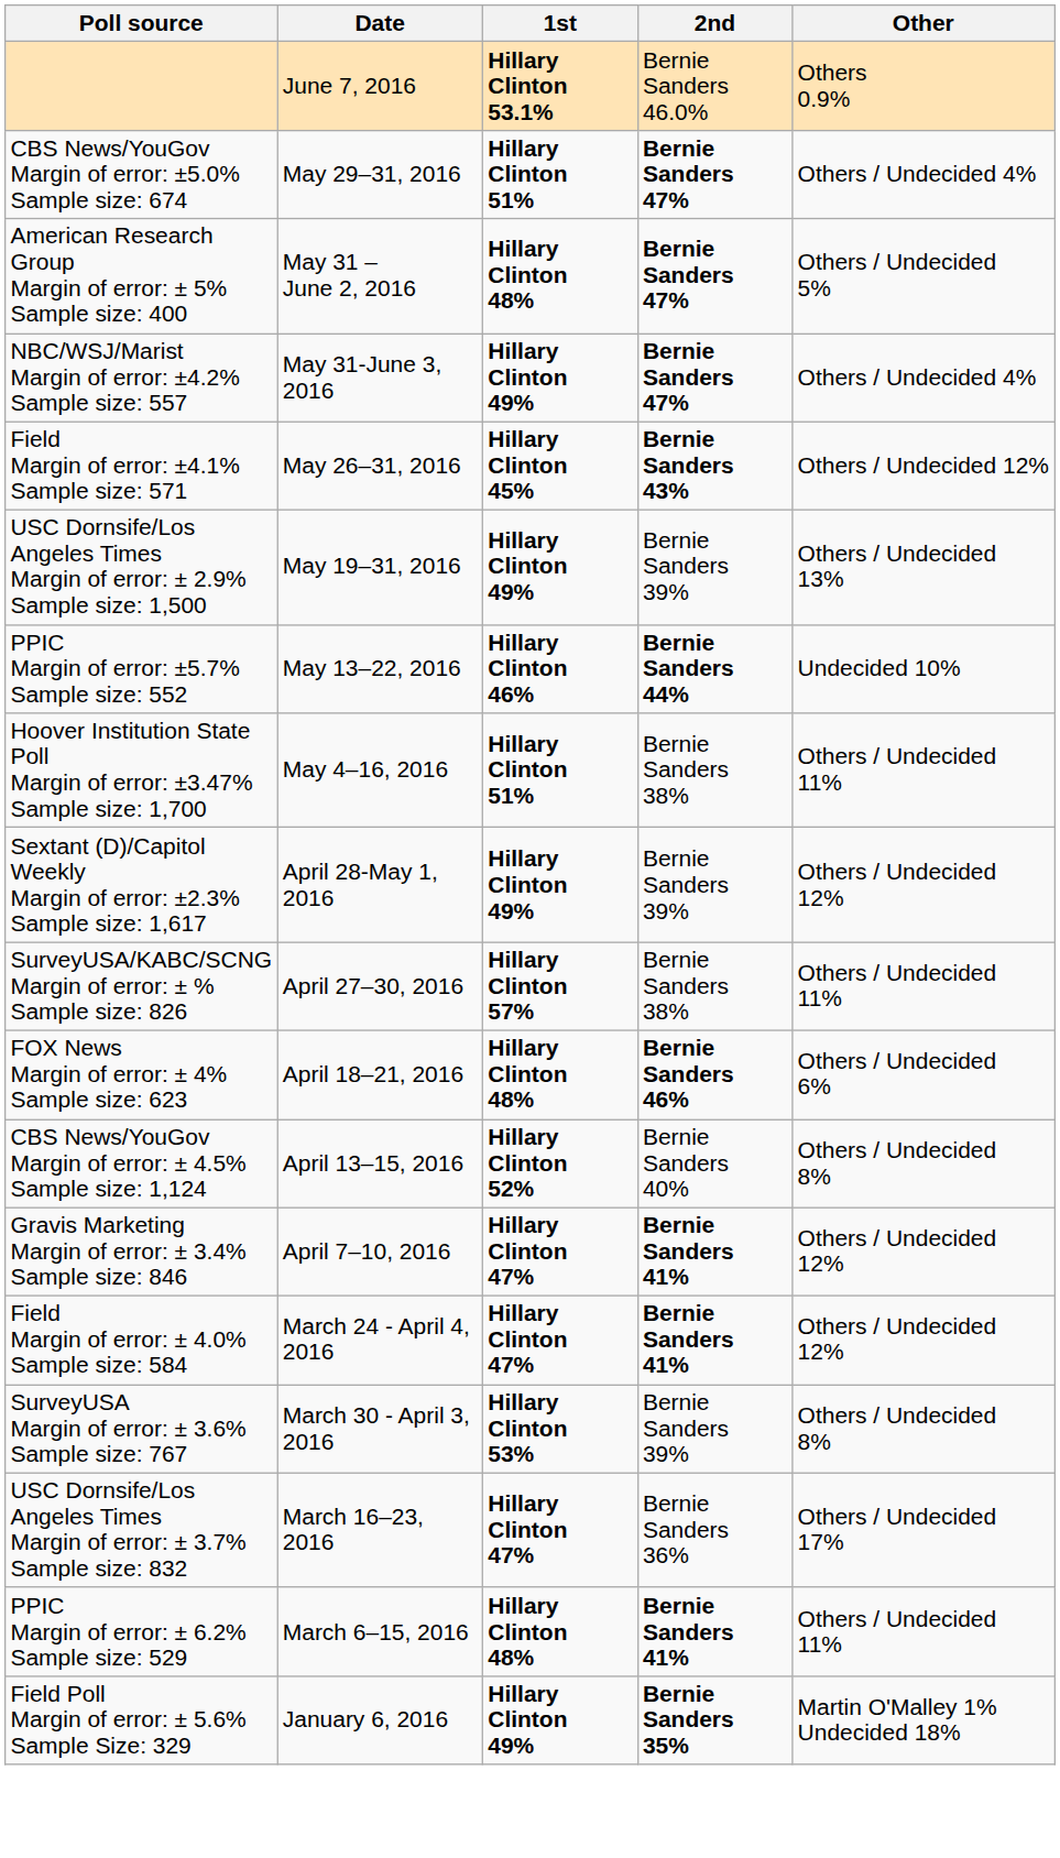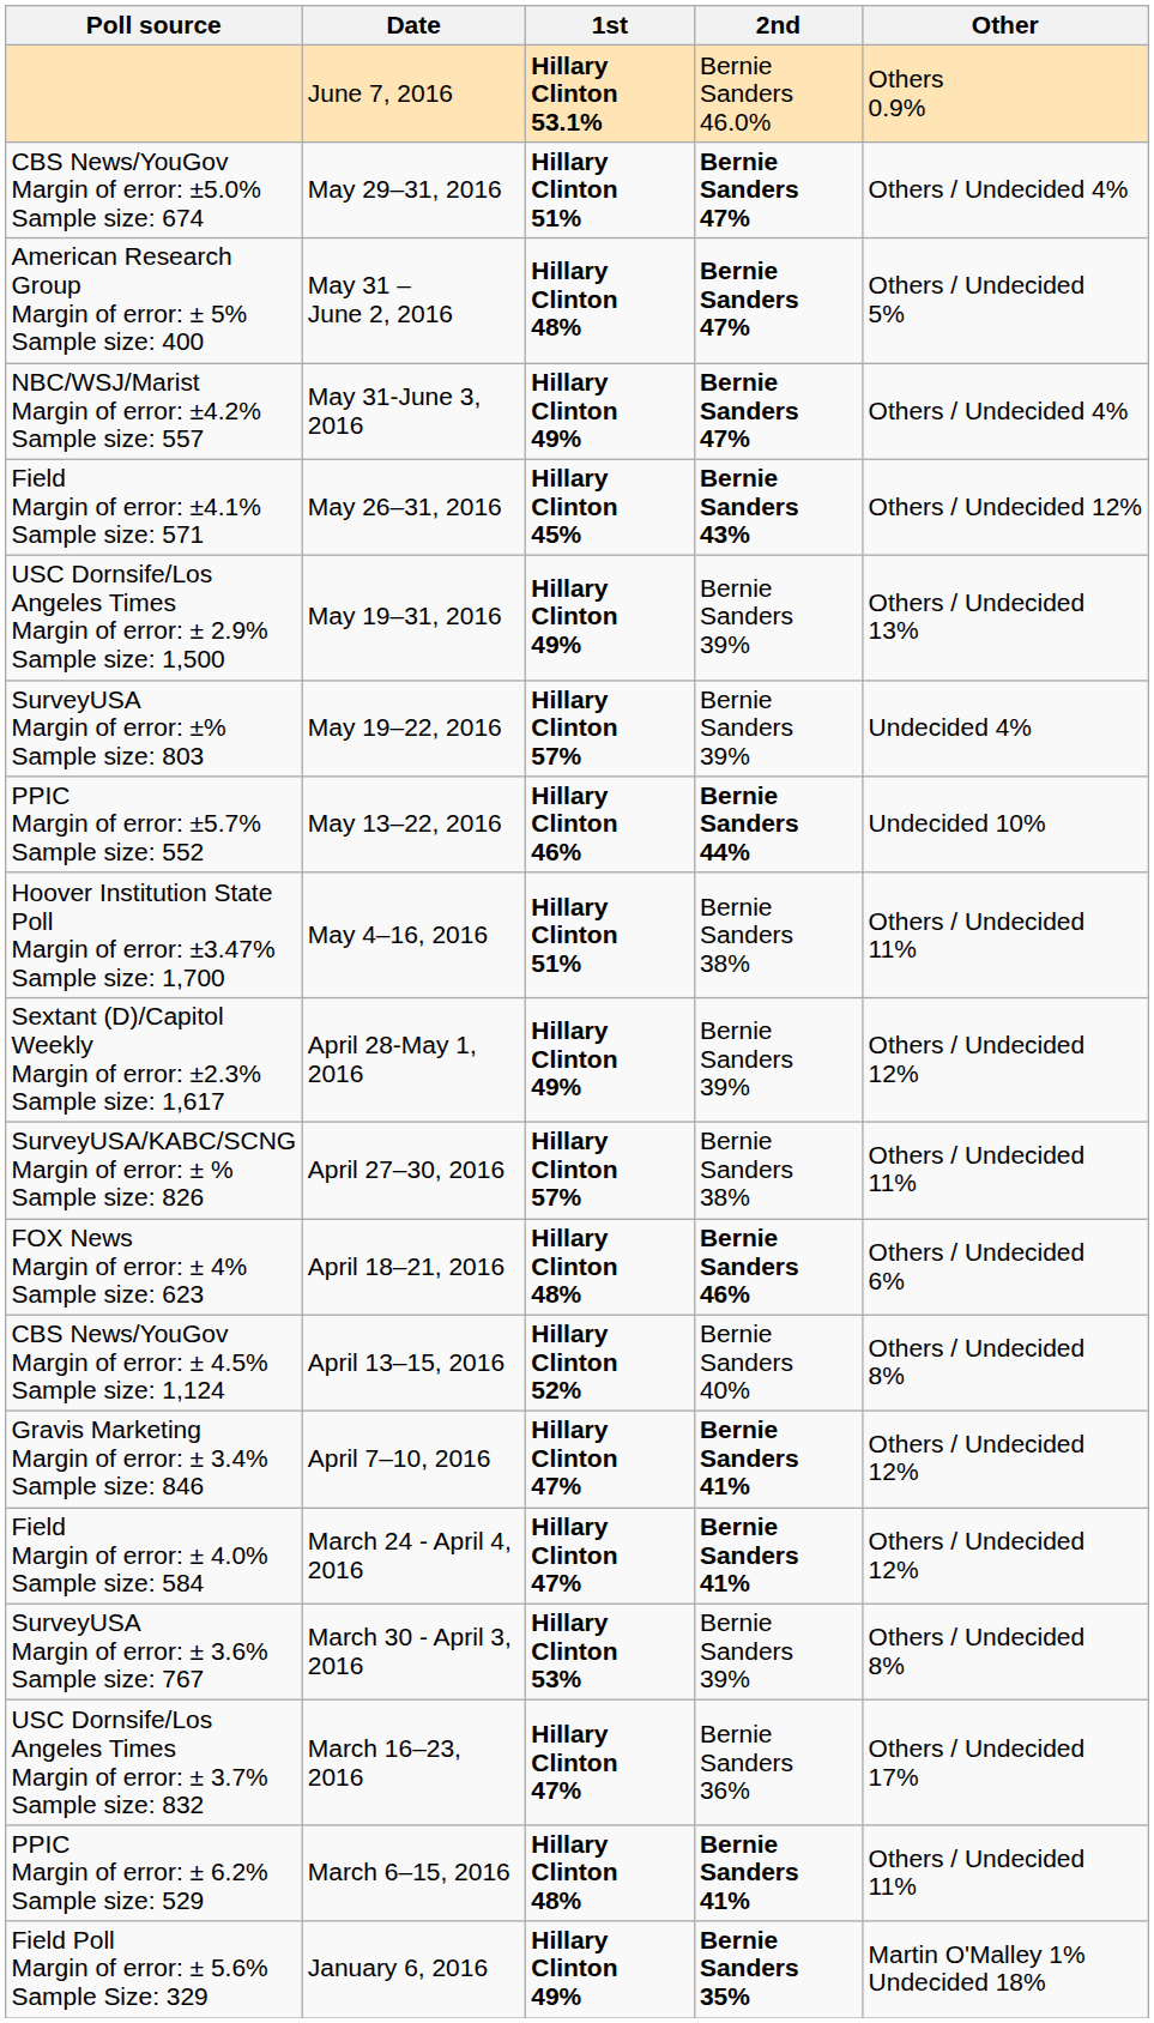 <table class="wikitable">
 <tr>
 <th style="width:180px;">Poll source</th>
 <th style="width:135px;">Date</th>
 <th style="width:100px;">1st</th>
 <th style="width:100px;">2nd</th>
 <th>Other</th>
 </tr>
 <tr style="background:Moccasin;">
 <td></td>
 <td>June 7, 2016</td>
 <td><strong>Hillary Clinton <br> 53.1%</strong></td>
 <td>Bernie Sanders <br> 46.0%</td>
 <td>Others<br>0.9%</td>
 </tr>
 <tr>
 <td>CBS News/YouGov<br>Margin of error: ±5.0% <br>Sample size: 674</td>
 <td>May 29–31, 2016</td>
 <td><strong>Hillary Clinton<br>51%</strong></td>
 <td><strong>Bernie Sanders<br>47%</strong></td>
 <td>Others / Undecided 4%</td>
 </tr>
 <tr>
 <td>American Research Group<br>Margin of error: ± 5% <br>Sample size: 400</td>
 <td>May 31 – <br>June 2, 2016</td>
 <td><strong>Hillary Clinton<br>48%</strong></td>
 <td><strong>Bernie Sanders<br>47%</strong></td>
 <td>Others / Undecided<br>5%</td>
 </tr>
 <tr>
 <td>NBC/WSJ/Marist<br>Margin of error: ±4.2% <br>Sample size: 557</td>
 <td>May 31-June 3, 2016</td>
 <td><strong>Hillary Clinton <br>49%</strong></td>
 <td><strong>Bernie Sanders<br>47%</strong></td>
 <td>Others / Undecided 4%</td>
 </tr>
 <tr>
 <td>Field<br>Margin of error: ±4.1% <br>Sample size: 571</td>
 <td>May 26–31, 2016</td>
 <td><strong>Hillary Clinton <br>45%</strong></td>
 <td><strong>Bernie Sanders<br>43%</strong></td>
 <td>Others / Undecided 12%</td>
 </tr>
 <tr>
 <td>USC Dornsife/Los Angeles Times<br>Margin of error: ± 2.9% <br>Sample size: 1,500</td>
 <td>May 19–31, 2016</td>
 <td><strong>Hillary Clinton<br>49%</strong></td>
 <td>Bernie Sanders<br>39%</td>
 <td>Others / Undecided<br>13%</td>
+</tr>
+<tr>
+<td>SurveyUSA<br>Margin of error: ±% <br>Sample size: 803</td>
+<td>May 19–22, 2016</td>
+<td><strong>Hillary Clinton <br>57%</strong></td>
+<td>Bernie Sanders<br>39%</td>
+<td>Undecided 4%</td>
 </tr>
 <tr>
 <td>PPIC<br>Margin of error: ±5.7% <br>Sample size: 552</td>
 <td>May 13–22, 2016</td>
 <td><strong>Hillary Clinton <br>46%</strong></td>
 <td><strong>Bernie Sanders<br>44%</strong></td>
 <td>Undecided 10%</td>
 </tr>
 <tr>
 <td>Hoover Institution State Poll<br>Margin of error: ±3.47% <br>Sample size: 1,700</td>
 <td>May 4–16, 2016</td>
 <td><strong>Hillary Clinton<br>51%</strong></td>
 <td>Bernie Sanders<br>38%</td>
 <td>Others / Undecided<br>11%</td>
 </tr>
 <tr>
 <td>Sextant (D)/Capitol Weekly<br>Margin of error: ±2.3% <br>Sample size: 1,617</td>
 <td>April 28-May 1, 2016</td>
 <td><strong>Hillary Clinton<br>49%</strong></td>
 <td>Bernie Sanders<br>39%</td>
 <td>Others / Undecided<br>12%</td>
 </tr>
 <tr>
 <td>SurveyUSA/KABC/SCNG<br>Margin of error: ± % <br>Sample size: 826</td>
 <td>April 27–30, 2016</td>
 <td><strong>Hillary Clinton<br>57%</strong></td>
 <td>Bernie Sanders<br>38%</td>
 <td>Others / Undecided<br>11%</td>
 </tr>
 <tr>
 <td>FOX News<br>Margin of error: ± 4% <br>Sample size: 623</td>
 <td>April 18–21, 2016</td>
 <td><strong>Hillary Clinton<br>48%</strong></td>
 <td><strong>Bernie Sanders<br>46%</strong></td>
 <td>Others / Undecided<br>6%</td>
 </tr>
 <tr>
 <td>CBS News/YouGov<br>Margin of error: ± 4.5% <br>Sample size: 1,124</td>
 <td>April 13–15, 2016</td>
 <td><strong>Hillary Clinton<br>52%</strong></td>
 <td>Bernie Sanders<br>40%</td>
 <td>Others / Undecided<br>8%</td>
 </tr>
 <tr>
 <td>Gravis Marketing<br>Margin of error: ± 3.4% <br>Sample size: 846</td>
 <td>April 7–10, 2016</td>
 <td><strong>Hillary Clinton<br>47%</strong></td>
 <td><strong>Bernie Sanders<br>41%</strong></td>
 <td>Others / Undecided<br>12%</td>
 </tr>
 <tr>
 <td>Field<br>Margin of error: ± 4.0% <br>Sample size: 584</td>
 <td>March 24 - April 4, 2016</td>
 <td><strong>Hillary Clinton<br>47%</strong></td>
 <td><strong>Bernie Sanders<br>41%</strong></td>
 <td>Others / Undecided<br>12%</td>
 </tr>
 <tr>
 <td>SurveyUSA<br>Margin of error: ± 3.6% <br>Sample size: 767</td>
 <td>March 30 - April 3, 2016</td>
 <td><strong>Hillary Clinton<br>53%</strong></td>
 <td>Bernie Sanders<br>39%</td>
 <td>Others / Undecided<br>8%</td>
 </tr>
 <tr>
 <td>USC Dornsife/Los Angeles Times<br>Margin of error: ± 3.7% <br>Sample size: 832</td>
 <td>March 16–23, 2016</td>
 <td><strong>Hillary Clinton<br>47%</strong></td>
 <td>Bernie Sanders<br>36%</td>
 <td>Others / Undecided<br>17%</td>
 </tr>
 <tr>
 <td>PPIC<br>Margin of error: ± 6.2% <br>Sample size: 529</td>
 <td>March 6–15, 2016</td>
 <td><strong>Hillary Clinton<br>48%</strong></td>
 <td><strong>Bernie Sanders<br>41%</strong></td>
 <td>Others / Undecided<br>11%</td>
 </tr>
 <tr>
 <td>Field Poll<br>Margin of error: ± 5.6% <br>Sample Size: 329</td>
 <td>January 6, 2016</td>
 <td><strong>Hillary Clinton<br>49%</strong></td>
 <td><strong>Bernie Sanders <br> 35%</strong></td>
 <td>Martin O'Malley 1% <br> Undecided 18%</td>
 </tr>
 </table>
